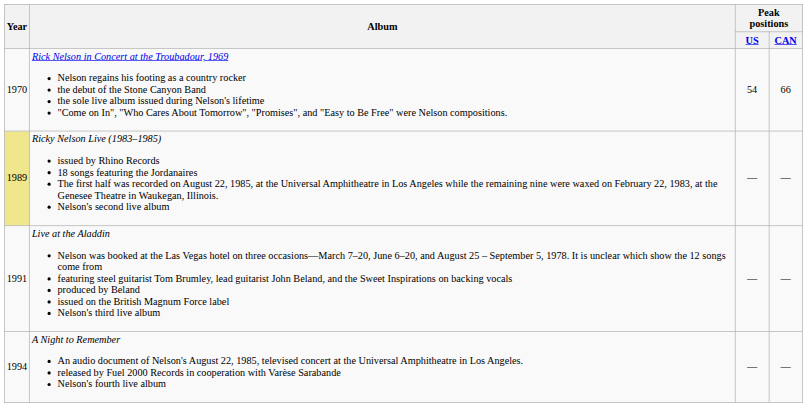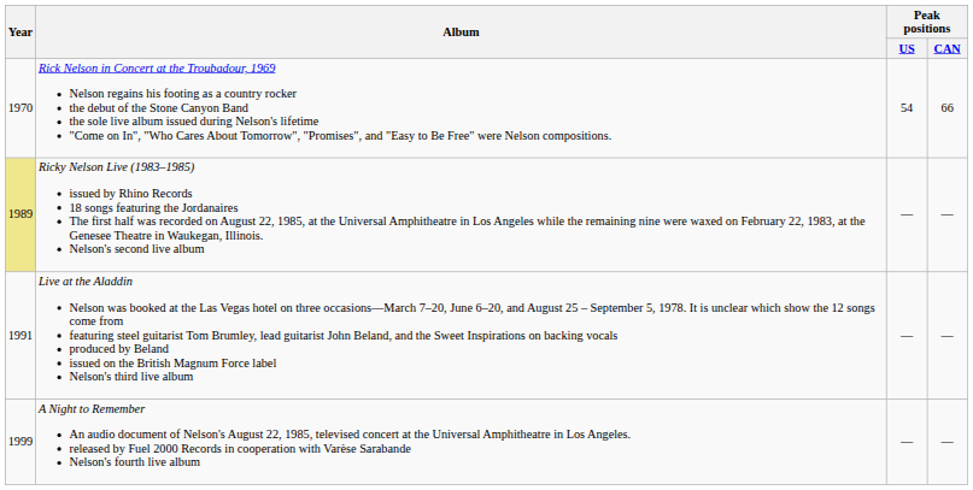 <table class="wikitable">
 <tr>
 <th rowspan="2">Year</th>
 <th rowspan="2">Album</th>
 <th colspan="2">Peak positions</th>
 </tr>
 <tr>
 <th width="45"><a href='#'>US</a></th>
 <th width="45"><a href='#'>CAN</a></th>
 </tr>
 <tr>
 <td>1970</td>
 <td><em><a href='#'>Rick Nelson in Concert at the Troubadour, 1969</a></em><br><ul><li>Nelson regains his footing as a country rocker</li><li>the debut of the Stone Canyon Band</li><li>the sole live album issued during Nelson's lifetime</li><li>"Come on In", "Who Cares About Tomorrow", "Promises", and "Easy to Be Free" were Nelson compositions.</li></ul></td>
 <td align="center">54</td>
 <td align="center">66</td>
 </tr>
 <tr>
 <td style="background: khaki;">1989</td>
 <td><em>Ricky Nelson Live (1983–1985)</em><br><ul><li>issued by Rhino Records</li><li>18 songs featuring the Jordanaires</li><li>The first half was recorded on August 22, 1985, at the Universal Amphitheatre in Los Angeles while the remaining nine were waxed on February 22, 1983, at the Genesee Theatre in Waukegan, Illinois.</li><li>Nelson's second live album</li></ul></td>
 <td align="center">—</td>
 <td align="center">—</td>
 </tr>
 <tr>
 <td>1991</td>
 <td><em>Live at the Aladdin</em><br><ul><li>Nelson was booked at the Las Vegas hotel on three occasions—March 7–20, June 6–20, and August 25 – September 5, 1978. It is unclear which show the 12 songs come from</li><li>featuring steel guitarist Tom Brumley, lead guitarist John Beland, and the Sweet Inspirations on backing vocals</li><li>produced by Beland</li><li>issued on the British Magnum Force label</li><li>Nelson's third live album</li></ul></td>
 <td align="center">—</td>
 <td align="center">—</td>
 </tr>
 <tr>
-<td>1994</td>
+<td>1999</td>
 <td><em>A Night to Remember</em><br><ul><li>An audio document of Nelson's August 22, 1985, televised concert at the Universal Amphitheatre in Los Angeles.</li><li>released by Fuel 2000 Records in cooperation with Varèse Sarabande</li><li>Nelson's fourth live album</li></ul></td>
 <td align="center">—</td>
 <td align="center">—</td>
 </tr>
 </table>
